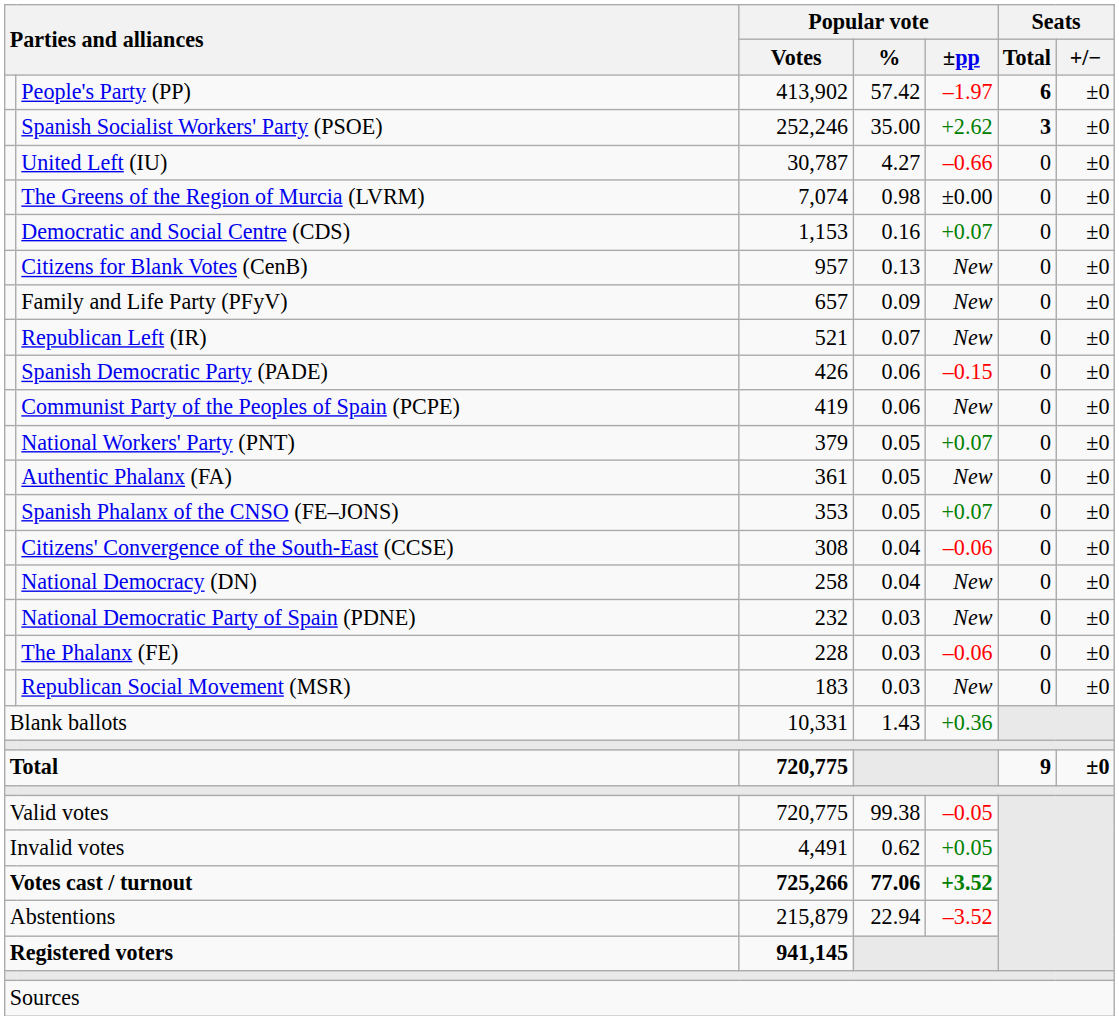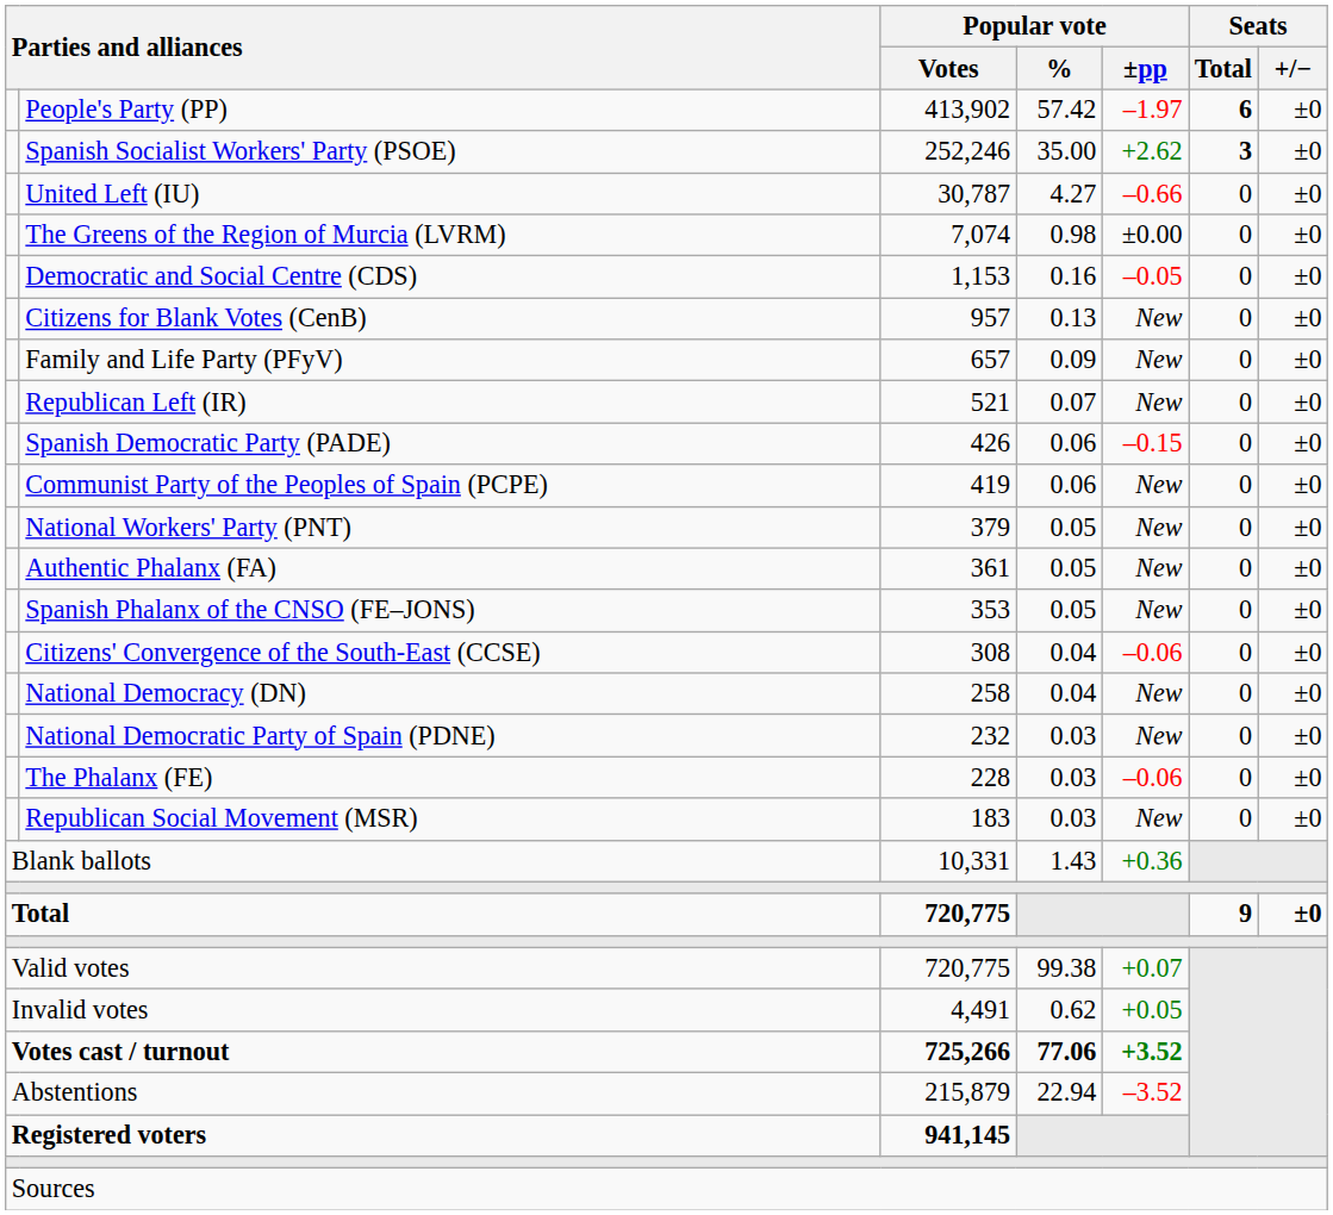 <table class="wikitable" style="text-align:right;">
 <tr>
 <th style="text-align:left;" rowspan="2" colspan="2" width="525">Parties and alliances</th>
 <th colspan="3">Popular vote</th>
 <th colspan="2">Seats</th>
 </tr>
 <tr>
 <th width="75">Votes</th>
 <th width="45">%</th>
 <th width="45">±<a href='#'>pp</a></th>
 <th width="35">Total</th>
 <th width="35">+/−</th>
 </tr>
 <tr>
 <td width="1" style="color:inherit;background:"></td>
 <td align="left"><a href='#'>People's Party</a> (PP)</td>
 <td>413,902</td>
 <td>57.42</td>
 <td style="color:red;">–1.97</td>
 <td><strong>6</strong></td>
 <td>±0</td>
 </tr>
 <tr>
 <td style="color:inherit;background:"></td>
 <td align="left"><a href='#'>Spanish Socialist Workers' Party</a> (PSOE)</td>
 <td>252,246</td>
 <td>35.00</td>
 <td style="color:green;">+2.62</td>
 <td><strong>3</strong></td>
 <td>±0</td>
 </tr>
 <tr>
 <td style="color:inherit;background:"></td>
 <td align="left"><a href='#'>United Left</a> (IU)</td>
 <td>30,787</td>
 <td>4.27</td>
 <td style="color:red;">–0.66</td>
 <td>0</td>
 <td>±0</td>
 </tr>
 <tr>
 <td style="color:inherit;background:"></td>
 <td align="left"><a href='#'>The Greens of the Region of Murcia</a> (LVRM)</td>
 <td>7,074</td>
 <td>0.98</td>
 <td>±0.00</td>
 <td>0</td>
 <td>±0</td>
 </tr>
 <tr>
 <td style="color:inherit;background:"></td>
 <td align="left"><a href='#'>Democratic and Social Centre</a> (CDS)</td>
 <td>1,153</td>
 <td>0.16</td>
-<td style="color:green;">+0.07</td>
+<td style="color:red;">–0.05</td>
 <td>0</td>
 <td>±0</td>
 </tr>
 <tr>
 <td style="color:inherit;background:"></td>
 <td align="left"><a href='#'>Citizens for Blank Votes</a> (CenB)</td>
 <td>957</td>
 <td>0.13</td>
 <td><em>New</em></td>
 <td>0</td>
 <td>±0</td>
 </tr>
 <tr>
 <td style="color:inherit;background:"></td>
 <td align="left">Family and Life Party (PFyV)</td>
 <td>657</td>
 <td>0.09</td>
 <td><em>New</em></td>
 <td>0</td>
 <td>±0</td>
 </tr>
 <tr>
 <td style="color:inherit;background:"></td>
 <td align="left"><a href='#'>Republican Left</a> (IR)</td>
 <td>521</td>
 <td>0.07</td>
 <td><em>New</em></td>
 <td>0</td>
 <td>±0</td>
 </tr>
 <tr>
 <td style="color:inherit;background:"></td>
 <td align="left"><a href='#'>Spanish Democratic Party</a> (PADE)</td>
 <td>426</td>
 <td>0.06</td>
 <td style="color:red;">–0.15</td>
 <td>0</td>
 <td>±0</td>
 </tr>
 <tr>
 <td style="color:inherit;background:"></td>
 <td align="left"><a href='#'>Communist Party of the Peoples of Spain</a> (PCPE)</td>
 <td>419</td>
 <td>0.06</td>
 <td><em>New</em></td>
 <td>0</td>
 <td>±0</td>
 </tr>
 <tr>
 <td style="color:inherit;background:"></td>
 <td align="left"><a href='#'>National Workers' Party</a> (PNT)</td>
 <td>379</td>
 <td>0.05</td>
-<td style="color:green;">+0.07</td>
+<td><em>New</em></td>
 <td>0</td>
 <td>±0</td>
 </tr>
 <tr>
 <td style="color:inherit;background:"></td>
 <td align="left"><a href='#'>Authentic Phalanx</a> (FA)</td>
 <td>361</td>
 <td>0.05</td>
 <td><em>New</em></td>
 <td>0</td>
 <td>±0</td>
 </tr>
 <tr>
 <td style="color:inherit;background:"></td>
 <td align="left"><a href='#'>Spanish Phalanx of the CNSO</a> (FE–JONS)</td>
 <td>353</td>
 <td>0.05</td>
-<td style="color:green;">+0.07</td>
+<td><em>New</em></td>
 <td>0</td>
 <td>±0</td>
 </tr>
 <tr>
 <td style="color:inherit;background:"></td>
 <td align="left"><a href='#'>Citizens' Convergence of the South-East</a> (CCSE)</td>
 <td>308</td>
 <td>0.04</td>
 <td style="color:red;">–0.06</td>
 <td>0</td>
 <td>±0</td>
 </tr>
 <tr>
 <td style="color:inherit;background:"></td>
 <td align="left"><a href='#'>National Democracy</a> (DN)</td>
 <td>258</td>
 <td>0.04</td>
 <td><em>New</em></td>
 <td>0</td>
 <td>±0</td>
 </tr>
 <tr>
 <td style="color:inherit;background:"></td>
 <td align="left"><a href='#'>National Democratic Party of Spain</a> (PDNE)</td>
 <td>232</td>
 <td>0.03</td>
 <td><em>New</em></td>
 <td>0</td>
 <td>±0</td>
 </tr>
 <tr>
 <td style="color:inherit;background:"></td>
 <td align="left"><a href='#'>The Phalanx</a> (FE)</td>
 <td>228</td>
 <td>0.03</td>
 <td style="color:red;">–0.06</td>
 <td>0</td>
 <td>±0</td>
 </tr>
 <tr>
 <td style="color:inherit;background:"></td>
 <td align="left"><a href='#'>Republican Social Movement</a> (MSR)</td>
 <td>183</td>
 <td>0.03</td>
 <td><em>New</em></td>
 <td>0</td>
 <td>±0</td>
 </tr>
 <tr>
 <td align="left" colspan="2">Blank ballots</td>
 <td>10,331</td>
 <td>1.43</td>
 <td style="color:green;">+0.36</td>
 <td bgcolor="#E9E9E9" colspan="2"></td>
 </tr>
 <tr>
 <td colspan="7" bgcolor="#E9E9E9"></td>
 </tr>
 <tr style="font-weight:bold;">
 <td align="left" colspan="2">Total</td>
 <td>720,775</td>
 <td bgcolor="#E9E9E9" colspan="2"></td>
 <td>9</td>
 <td>±0</td>
 </tr>
 <tr>
 <td colspan="7" bgcolor="#E9E9E9"></td>
 </tr>
 <tr>
 <td align="left" colspan="2">Valid votes</td>
 <td>720,775</td>
 <td>99.38</td>
-<td style="color:red;">–0.05</td>
+<td style="color:green;">+0.07</td>
 <td bgcolor="#E9E9E9" colspan="2" rowspan="5"></td>
 </tr>
 <tr>
 <td align="left" colspan="2">Invalid votes</td>
 <td>4,491</td>
 <td>0.62</td>
 <td style="color:green;">+0.05</td>
 </tr>
 <tr style="font-weight:bold;">
 <td align="left" colspan="2">Votes cast / turnout</td>
 <td>725,266</td>
 <td>77.06</td>
 <td style="color:green;">+3.52</td>
 </tr>
 <tr>
 <td align="left" colspan="2">Abstentions</td>
 <td>215,879</td>
 <td>22.94</td>
 <td style="color:red;">–3.52</td>
 </tr>
 <tr style="font-weight:bold;">
 <td align="left" colspan="2">Registered voters</td>
 <td>941,145</td>
 <td bgcolor="#E9E9E9" colspan="2"></td>
 </tr>
 <tr>
 <td colspan="7" bgcolor="#E9E9E9"></td>
 </tr>
 <tr>
 <td align="left" colspan="7">Sources</td>
 </tr>
 </table>
